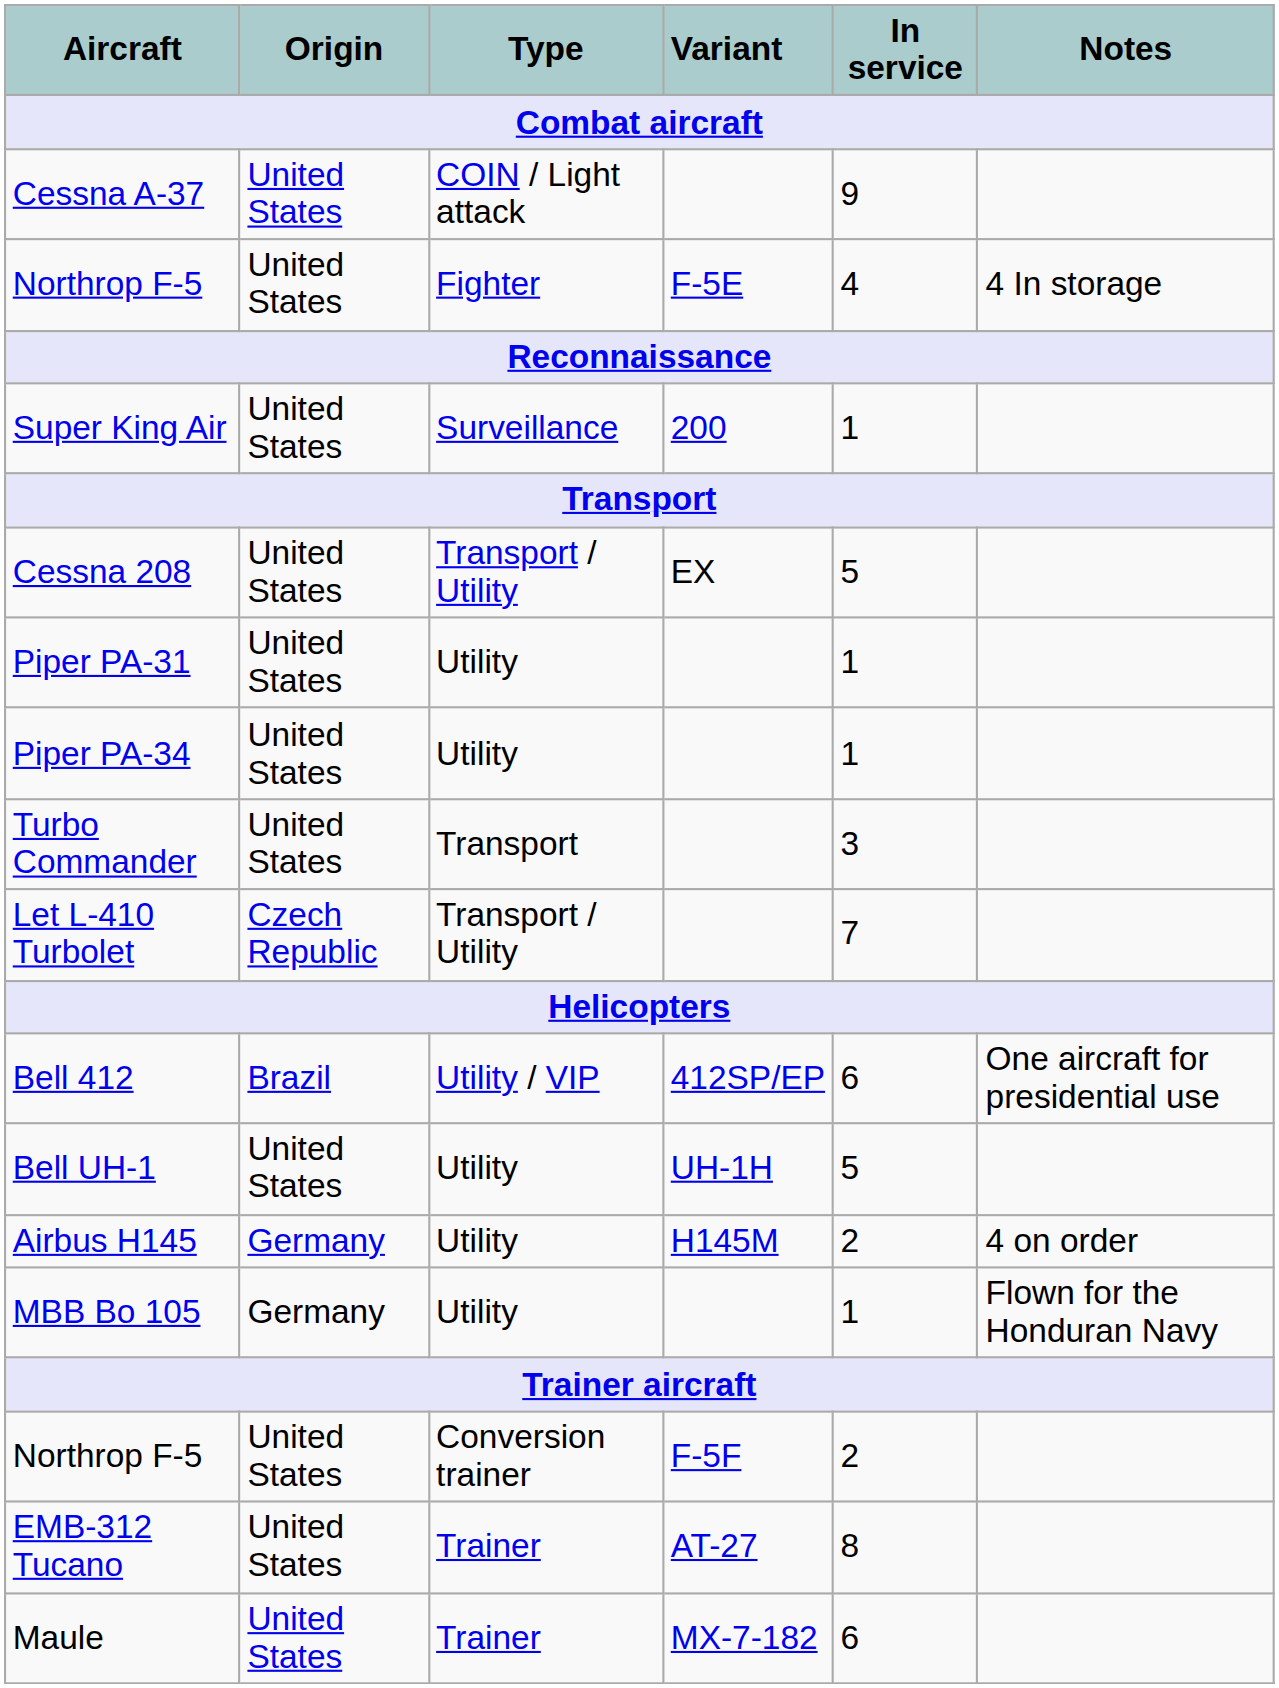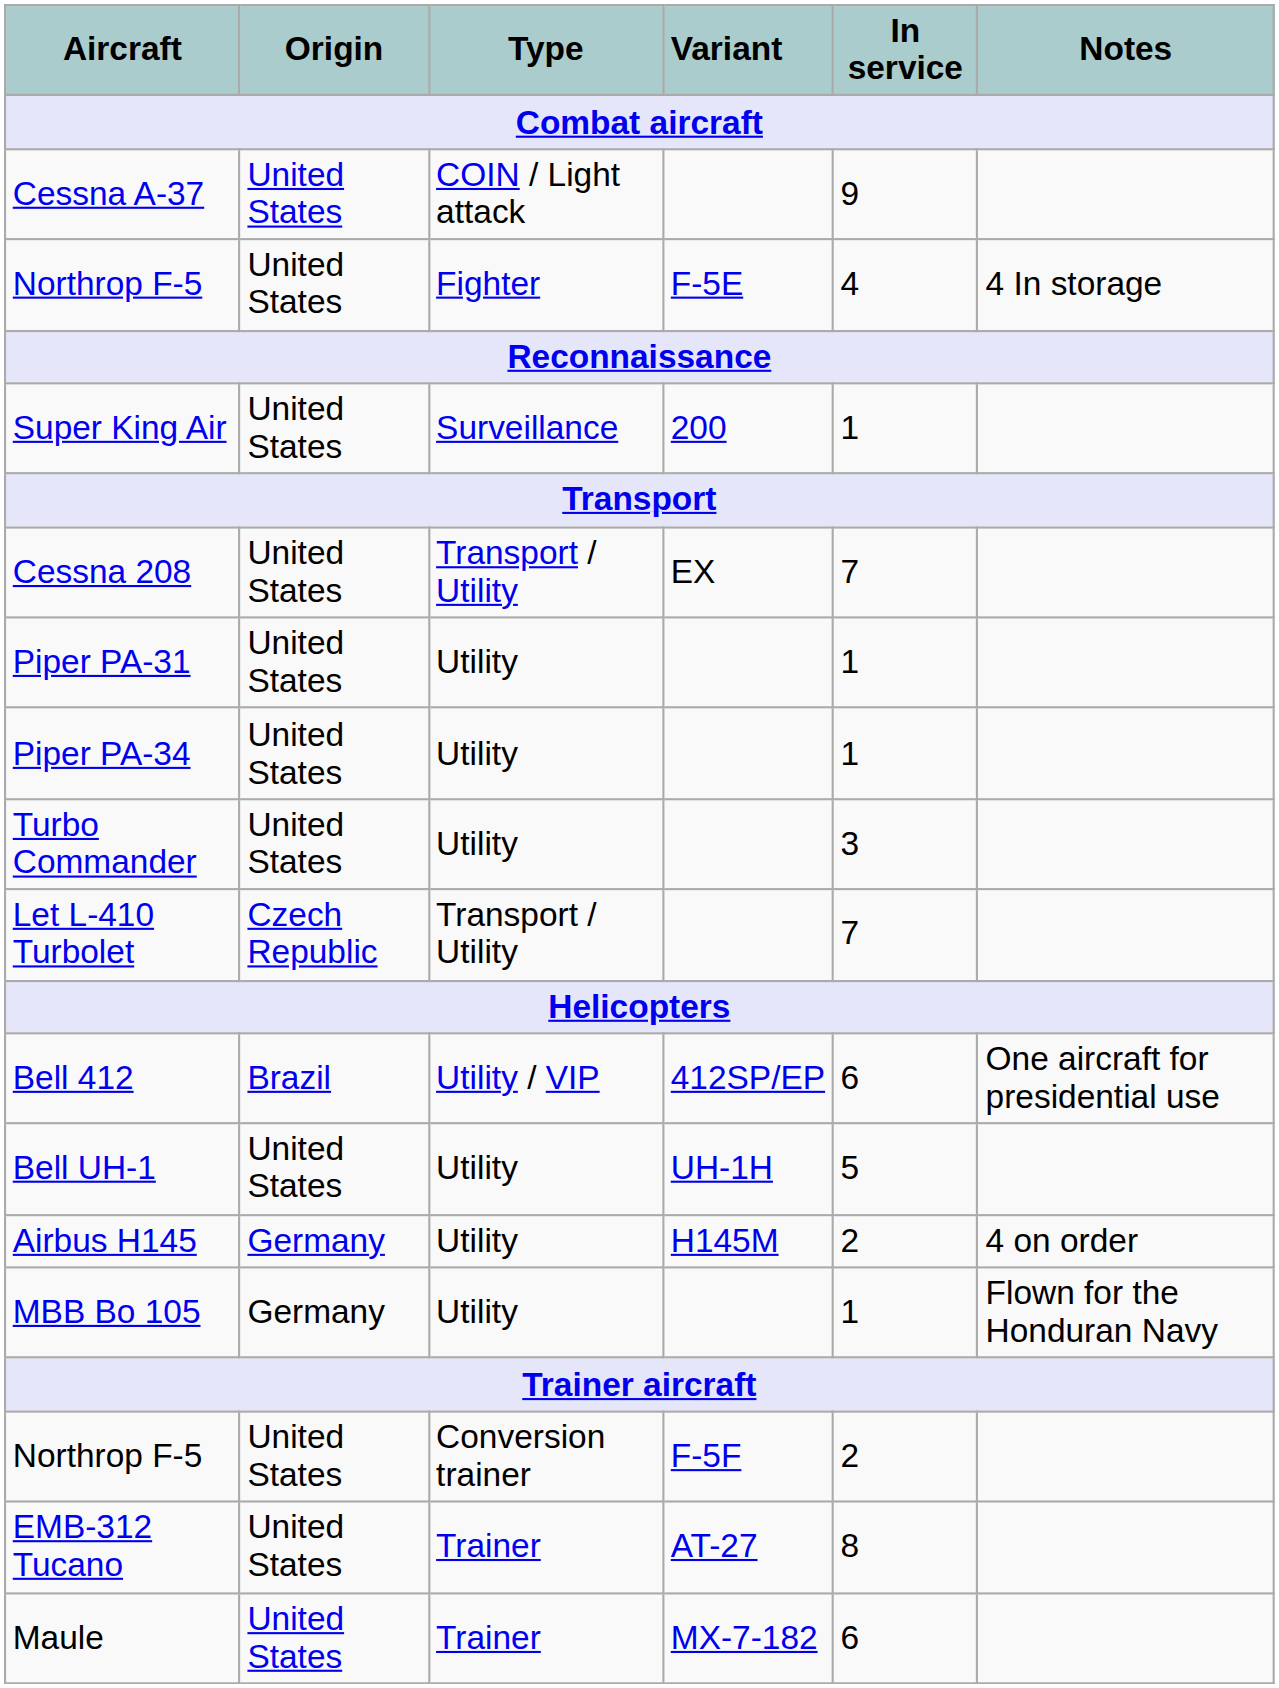 <table class="wikitable">
 <tr>
 <th style="text-align:center; background:#acc;">Aircraft</th>
 <th style="text-align: center; background:#acc;">Origin</th>
 <th style="text-align:l center; background:#acc;">Type</th>
 <th style="text-align:left; background:#acc;">Variant</th>
 <th style="text-align:center; background:#acc;">In service</th>
 <th style="text-align: center; background:#acc;">Notes</th>
 </tr>
 <tr>
 <th style="align: center; background: lavender;" colspan="7"><a href='#'>Combat aircraft</a></th>
 </tr>
 <tr>
 <td><a href='#'>Cessna A-37</a></td>
 <td><a href='#'>United States</a></td>
 <td><a href='#'>COIN</a> / Light attack</td>
 <td></td>
 <td>9</td>
 <td></td>
 </tr>
 <tr>
 <td><a href='#'>Northrop F-5</a></td>
 <td>United States</td>
 <td><a href='#'>Fighter</a></td>
 <td><a href='#'>F-5E</a></td>
 <td>4</td>
 <td>4 In storage</td>
 </tr>
 <tr>
 <th style="align: center; background: lavender;" colspan="7"><a href='#'>Reconnaissance</a></th>
 </tr>
 <tr>
 <td><a href='#'>Super King Air</a></td>
 <td>United States</td>
 <td><a href='#'>Surveillance</a></td>
 <td><a href='#'>200</a></td>
 <td>1</td>
 <td></td>
 </tr>
 <tr>
 <th style="align: center; background: lavender;" colspan="7"><a href='#'>Transport</a></th>
 </tr>
 <tr>
 <td><a href='#'>Cessna 208</a></td>
 <td>United States</td>
 <td><a href='#'>Transport</a> / <a href='#'>Utility</a></td>
 <td>EX</td>
-<td>5</td>
+<td>7</td>
 <td></td>
 </tr>
 <tr>
 <td><a href='#'>Piper PA-31</a></td>
 <td>United States</td>
 <td>Utility</td>
 <td></td>
 <td>1</td>
 <td></td>
 </tr>
 <tr>
 <td><a href='#'>Piper PA-34</a></td>
 <td>United States</td>
 <td>Utility</td>
 <td></td>
 <td>1</td>
 <td></td>
 </tr>
 <tr>
 <td><a href='#'>Turbo Commander</a></td>
 <td>United States</td>
-<td>Transport</td>
+<td>Utility</td>
 <td></td>
 <td>3</td>
 <td></td>
 </tr>
 <tr>
 <td><a href='#'>Let L-410 Turbolet</a></td>
 <td><a href='#'>Czech Republic</a></td>
 <td>Transport / Utility</td>
 <td></td>
 <td>7</td>
 <td></td>
 </tr>
 <tr>
 <th style="align: center; background: lavender;" colspan="7"><a href='#'>Helicopters</a></th>
 </tr>
 <tr>
 <td><a href='#'>Bell 412</a></td>
 <td><a href='#'>Brazil</a></td>
 <td><a href='#'>Utility</a> / <a href='#'>VIP</a></td>
 <td><a href='#'>412SP/EP</a></td>
 <td>6 </td>
 <td>One aircraft for presidential use</td>
 </tr>
 <tr>
 <td><a href='#'>Bell UH-1</a></td>
 <td>United States</td>
 <td>Utility</td>
 <td><a href='#'>UH-1H</a></td>
 <td>5</td>
 <td></td>
 </tr>
 <tr>
 <td><a href='#'>Airbus H145</a></td>
 <td><a href='#'>Germany</a></td>
 <td>Utility</td>
 <td><a href='#'>H145M</a></td>
 <td>2</td>
 <td>4 on order</td>
 </tr>
 <tr>
 <td><a href='#'>MBB Bo 105</a></td>
 <td>Germany</td>
 <td>Utility</td>
 <td></td>
 <td>1</td>
 <td>Flown for the Honduran Navy</td>
 </tr>
 <tr>
 <th style="align: center; background: lavender;" colspan="7"><a href='#'>Trainer aircraft</a></th>
 </tr>
 <tr>
 <td>Northrop F-5</td>
 <td>United States</td>
 <td>Conversion trainer</td>
 <td><a href='#'>F-5F</a></td>
 <td>2</td>
 <td></td>
 </tr>
 <tr>
 <td><a href='#'>EMB-312 Tucano</a></td>
 <td>United States</td>
 <td><a href='#'>Trainer</a></td>
 <td><a href='#'>AT-27</a></td>
 <td>8</td>
 <td></td>
 </tr>
 <tr>
 <td>Maule</td>
 <td><a href='#'>United States</a></td>
 <td><a href='#'>Trainer</a></td>
 <td><a href='#'> MX-7-182</a></td>
 <td>6</td>
 <td></td>
 </tr>
 </table>
